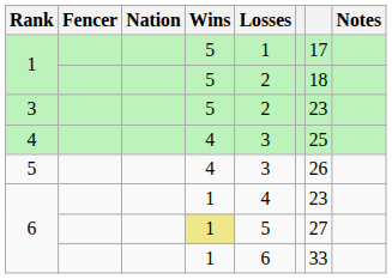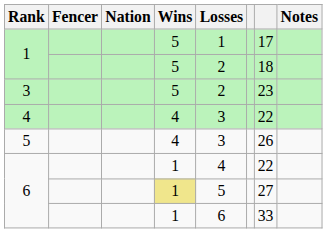 <table class="wikitable sortable" style="text-align: center;">
 <tr>
 <th>Rank</th>
 <th>Fencer</th>
 <th>Nation</th>
 <th>Wins</th>
 <th>Losses</th>
 <th></th>
 <th></th>
 <th>Notes</th>
 </tr>
 <tr style="background:#bbf3bb;">
 <td rowspan=2>1</td>
 <td align=left></td>
 <td align=left></td>
 <td>5</td>
 <td>1</td>
 <td></td>
 <td>17</td>
 <td></td>
 </tr>
 <tr style="background:#bbf3bb;">
 <td align=left></td>
 <td align=left></td>
 <td>5</td>
 <td>2</td>
 <td></td>
 <td>18</td>
 <td></td>
 </tr>
 <tr style="background:#bbf3bb;">
 <td>3</td>
 <td align=left></td>
 <td align=left></td>
 <td>5</td>
 <td>2</td>
 <td></td>
 <td>23</td>
 <td></td>
 </tr>
 <tr style="background:#bbf3bb;">
 <td>4</td>
 <td align=left></td>
 <td align=left></td>
 <td>4</td>
 <td>3</td>
 <td></td>
-<td>25</td>
+<td>22</td>
 <td></td>
 </tr>
 <tr>
 <td>5</td>
 <td align=left></td>
 <td align=left></td>
 <td>4</td>
 <td>3</td>
 <td></td>
 <td>26</td>
 <td></td>
 </tr>
 <tr>
 <td rowspan=3>6</td>
 <td align=left></td>
 <td align=left></td>
 <td>1</td>
 <td>4</td>
 <td></td>
-<td>23</td>
+<td>22</td>
 <td></td>
 </tr>
 <tr>
 <td align=left></td>
 <td align=left></td>
 <td style="background: khaki;">1</td>
 <td>5</td>
 <td></td>
 <td>27</td>
 <td></td>
 </tr>
 <tr>
 <td align=left></td>
 <td align=left></td>
 <td>1</td>
 <td>6</td>
 <td></td>
 <td>33</td>
 <td></td>
 </tr>
 </table>
